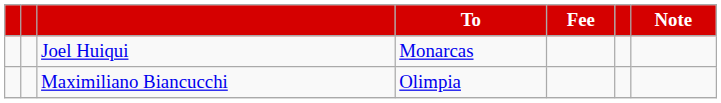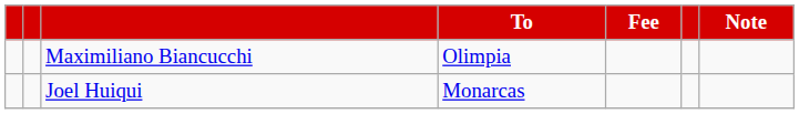 <table class="wikitable sortable" style="width:65%; text-align:center; font-size:95%; text-align:left;">
 <tr>
 <th style="background: #d50000; color:white"></th>
 <th style="background: #d50000; color:white"></th>
 <th style="background: #d50000; color:white"></th>
 <th style="background: #d50000; color:white">To</th>
 <th style="background: #d50000; color:white">Fee</th>
 <th style="background: #d50000; color:white"></th>
 <th style="background: #d50000; color:white">Note</th>
 </tr>
 <tr>
 <td></td>
 <td></td>
+<td><a href='#'>Maximiliano Biancucchi</a></td>
+<td> <a href='#'>Olimpia</a></td>
+<td></td>
+<td></td>
+<td></td>
+</tr>
+<tr>
+<td></td>
+<td></td>
 <td><a href='#'>Joel Huiqui</a></td>
 <td> <a href='#'>Monarcas</a></td>
 <td></td>
 <td></td>
 <td></td>
 </tr>
 <tr>
-<td></td>
-<td></td>
-<td><a href='#'>Maximiliano Biancucchi</a></td>
-<td> <a href='#'>Olimpia</a></td>
-<td></td>
-<td></td>
-<td></td>
-</tr>
-<tr>
 </tr>
 </table>
